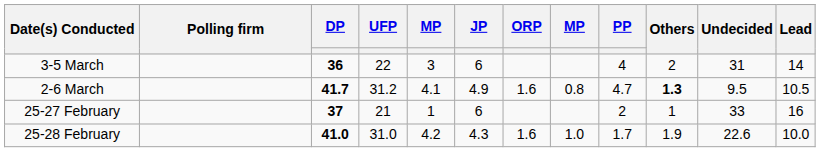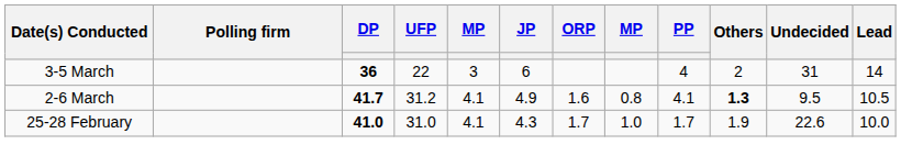 <table class="wikitable sortable" style="text-align:center; font-size:85%; line-height:16px; margin:0;">
 <tr style="height:42px; background-color:#E9E9E9; border 1px solid #aaaaaa;">
 <th style="width:125px;" rowspan="2">Date(s) Conducted</th>
 <th style="width:160px;" rowspan="2">Polling firm</th>
 <th class="unsortable" style="width:40px;"><a href='#'>DP</a></th>
 <th class="unsortable" style="width:40px;"><a href='#'>UFP</a></th>
 <th class="unsortable" style="width:40px;"><a href='#'>MP</a></th>
 <th class="unsortable" style="width:40px;"><a href='#'>JP</a></th>
 <th class="unsortable" style="width:40px;"><a href='#'>ORP</a></th>
 <th class="unsortable" style="width:40px;"><a href='#'>MP</a></th>
 <th class="unsortable" style="width:40px;"><a href='#'>PP</a></th>
 <th style="width:30px;" rowspan="2" class="unsortable">Others</th>
 <th style="width:30px;" rowspan="2" class="unsortable">Undecided</th>
 <th style="width:30px;" rowspan="2" class="unsortable">Lead</th>
 </tr>
 <tr>
 <th style="background:"></th>
 <th style="background:"></th>
 <th style="background:"></th>
 <th style="background:"></th>
 <th style="background:"></th>
 <th style="background:"></th>
 <th style="background:"></th>
 </tr>
 <tr>
 <td data-sort-value="2020-03-07">3-5 March</td>
 <td></td>
 <td><strong>36</strong></td>
 <td>22</td>
 <td>3</td>
 <td>6</td>
 <td></td>
 <td></td>
 <td>4</td>
 <td>2</td>
 <td>31</td>
 <td style="background:">14</td>
 </tr>
 <tr>
 <td data-sort-value="2020-03-09">2-6 March</td>
 <td></td>
 <td><strong>41.7</strong></td>
 <td>31.2</td>
 <td>4.1</td>
 <td>4.9</td>
 <td>1.6</td>
 <td>0.8</td>
-<td>4.7</td>
+<td>4.1</td>
 <td><strong>1.3</strong></td>
 <td>9.5</td>
 <td style="background:">10.5</td>
-</tr>
-<tr>
-<td data-sort-value="2020-02-28">25-27 February</td>
-<td></td>
-<td><strong>37</strong></td>
-<td>21</td>
-<td>1</td>
-<td>6</td>
-<td></td>
-<td></td>
-<td>2</td>
-<td>1</td>
-<td>33</td>
-<td style="background:">16</td>
 </tr>
 <tr>
 <td data-sort-value="2020-03-02">25-28 February</td>
 <td></td>
 <td><strong>41.0</strong></td>
 <td>31.0</td>
-<td>4.2</td>
+<td>4.1</td>
 <td>4.3</td>
-<td>1.6</td>
+<td>1.7</td>
 <td>1.0</td>
 <td>1.7</td>
 <td>1.9</td>
 <td>22.6</td>
 <td style="background:">10.0</td>
 </tr>
 </table>
